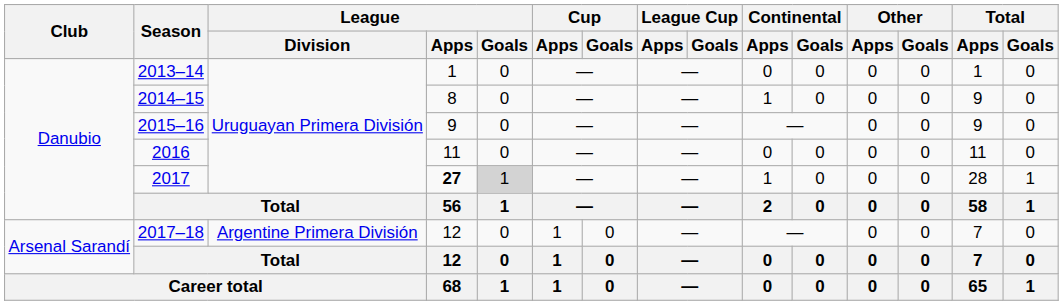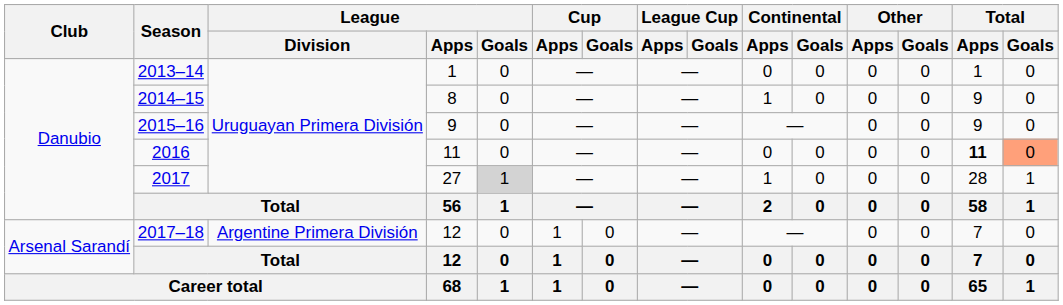 <table class="wikitable" style="text-align:center">
 <tr>
 <th rowspan="2">Club</th>
 <th rowspan="2">Season</th>
 <th colspan="3">League</th>
 <th colspan="2">Cup</th>
 <th colspan="2">League Cup</th>
 <th colspan="2">Continental</th>
 <th colspan="2">Other</th>
 <th colspan="2">Total</th>
 </tr>
 <tr>
 <th>Division</th>
 <th>Apps</th>
 <th>Goals</th>
 <th>Apps</th>
 <th>Goals</th>
 <th>Apps</th>
 <th>Goals</th>
 <th>Apps</th>
 <th>Goals</th>
 <th>Apps</th>
 <th>Goals</th>
 <th>Apps</th>
 <th>Goals</th>
 </tr>
 <tr>
 <td rowspan="6"><a href='#'>Danubio</a></td>
 <td><a href='#'>2013–14</a></td>
 <td rowspan="5"><a href='#'>Uruguayan Primera División</a></td>
 <td>1</td>
 <td>0</td>
 <td colspan="2">—</td>
 <td colspan="2">—</td>
 <td>0</td>
 <td>0</td>
 <td>0</td>
 <td>0</td>
 <td>1</td>
 <td>0</td>
 </tr>
 <tr>
 <td><a href='#'>2014–15</a></td>
 <td>8</td>
 <td>0</td>
 <td colspan="2">—</td>
 <td colspan="2">—</td>
 <td>1</td>
 <td>0</td>
 <td>0</td>
 <td>0</td>
 <td>9</td>
 <td>0</td>
 </tr>
 <tr>
 <td><a href='#'>2015–16</a></td>
 <td>9</td>
 <td>0</td>
 <td colspan="2">—</td>
 <td colspan="2">—</td>
 <td colspan="2">—</td>
 <td>0</td>
 <td>0</td>
 <td>9</td>
 <td>0</td>
 </tr>
 <tr>
 <td><a href='#'>2016</a></td>
 <td>11</td>
 <td>0</td>
 <td colspan="2">—</td>
 <td colspan="2">—</td>
 <td>0</td>
 <td>0</td>
 <td>0</td>
 <td>0</td>
-<td>11</td>
-<td>0</td>
+<td><strong>11</strong></td>
+<td style="background: lightsalmon;">0</td>
 </tr>
 <tr>
 <td><a href='#'>2017</a></td>
-<td><strong>27</strong></td>
+<td>27</td>
 <td style="background: lightgrey;">1</td>
 <td colspan="2">—</td>
 <td colspan="2">—</td>
 <td>1</td>
 <td>0</td>
 <td>0</td>
 <td>0</td>
 <td>28</td>
 <td>1</td>
 </tr>
 <tr>
 <th colspan="2">Total</th>
 <th>56</th>
 <th>1</th>
 <th colspan="2">—</th>
 <th colspan="2">—</th>
 <th>2</th>
 <th>0</th>
 <th>0</th>
 <th>0</th>
 <th>58</th>
 <th>1</th>
 </tr>
 <tr>
 <td rowspan="2"><a href='#'>Arsenal Sarandí</a></td>
 <td><a href='#'>2017–18</a></td>
 <td rowspan="1"><a href='#'>Argentine Primera División</a></td>
 <td>12</td>
 <td>0</td>
 <td>1</td>
 <td>0</td>
 <td colspan="2">—</td>
 <td colspan="2">—</td>
 <td>0</td>
 <td>0</td>
 <td>7</td>
 <td>0</td>
 </tr>
 <tr>
 <th colspan="2">Total</th>
 <th>12</th>
 <th>0</th>
 <th>1</th>
 <th>0</th>
 <th colspan="2">—</th>
 <th>0</th>
 <th>0</th>
 <th>0</th>
 <th>0</th>
 <th>7</th>
 <th>0</th>
 </tr>
 <tr>
 <th colspan="3">Career total</th>
 <th>68</th>
 <th>1</th>
 <th>1</th>
 <th>0</th>
 <th colspan="2">—</th>
 <th>0</th>
 <th>0</th>
 <th>0</th>
 <th>0</th>
 <th>65</th>
 <th>1</th>
 </tr>
 </table>
